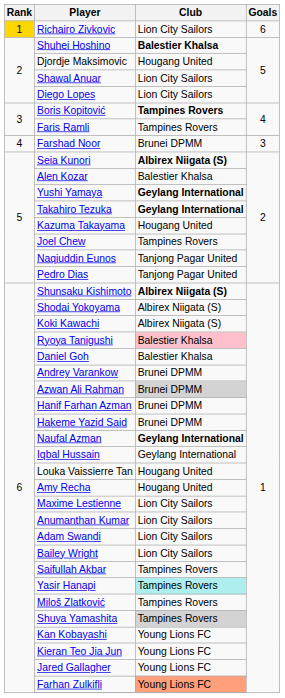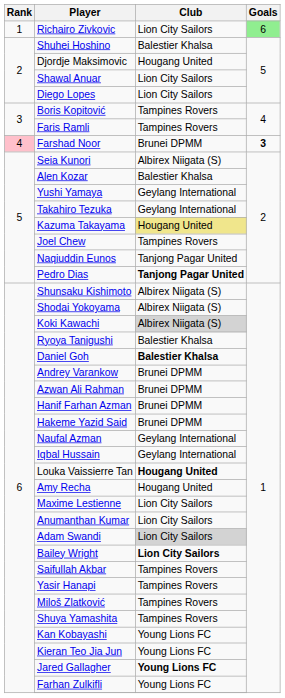 <table class="wikitable plainrowheaders sortable" style="font-size:90%">
 <tr>
 <th>Rank</th>
 <th>Player</th>
 <th>Club</th>
 <th>Goals</th>
 </tr>
 <tr>
-<td align="center" rowspan="1" style="background: gold;">1</td>
+<td align="center" rowspan="1">1</td>
 <td> <a href='#'>Richairo Zivkovic</a></td>
 <td>Lion City Sailors</td>
-<td align="center" rowspan="1">6</td>
+<td align="center" rowspan="1" style="background: lightgreen;">6</td>
 </tr>
 <tr>
 <td align="center" rowspan="4">2</td>
 <td> <a href='#'>Shuhei Hoshino</a></td>
-<td><strong>Balestier Khalsa</strong></td>
+<td>Balestier Khalsa</td>
 <td align="center" rowspan="4">5</td>
 </tr>
 <tr>
 <td> Djordje Maksimovic</td>
 <td>Hougang United</td>
 </tr>
 <tr>
 <td> <a href='#'>Shawal Anuar</a></td>
 <td>Lion City Sailors</td>
 </tr>
 <tr>
 <td> <a href='#'>Diego Lopes</a></td>
 <td>Lion City Sailors</td>
 </tr>
 <tr>
 <td align="center" rowspan="2">3</td>
 <td> <a href='#'>Boris Kopitović</a></td>
-<td><strong>Tampines Rovers</strong></td>
+<td>Tampines Rovers</td>
 <td align="center" rowspan="2">4</td>
 </tr>
 <tr>
 <td> <a href='#'>Faris Ramli</a></td>
 <td>Tampines Rovers</td>
 </tr>
 <tr>
-<td align="center" rowspan="1">4</td>
+<td align="center" rowspan="1" style="background: pink;">4</td>
 <td> <a href='#'>Farshad Noor</a></td>
 <td>Brunei DPMM</td>
-<td align="center" rowspan="1">3</td>
+<td align="center" rowspan="1"><strong>3</strong></td>
 </tr>
 <tr>
 <td align="center" rowspan="8">5</td>
 <td> <a href='#'>Seia Kunori</a></td>
-<td><strong>Albirex Niigata (S)</strong></td>
+<td>Albirex Niigata (S)</td>
 <td align="center" rowspan="8">2</td>
 </tr>
 <tr>
 <td> <a href='#'>Alen Kozar</a></td>
 <td>Balestier Khalsa</td>
 </tr>
 <tr>
 <td> <a href='#'>Yushi Yamaya</a></td>
-<td><strong>Geylang International</strong></td>
+<td>Geylang International</td>
 </tr>
 <tr>
 <td> <a href='#'>Takahiro Tezuka</a></td>
-<td><strong>Geylang International</strong></td>
+<td>Geylang International</td>
 </tr>
 <tr>
 <td> <a href='#'>Kazuma Takayama</a></td>
-<td>Hougang United</td>
+<td style="background: khaki;">Hougang United</td>
 </tr>
 <tr>
 <td> <a href='#'>Joel Chew</a></td>
 <td>Tampines Rovers</td>
 </tr>
 <tr>
 <td> <a href='#'>Naqiuddin Eunos</a></td>
 <td>Tanjong Pagar United</td>
 </tr>
 <tr>
 <td> <a href='#'>Pedro Dias</a></td>
-<td>Tanjong Pagar United</td>
+<td><strong>Tanjong Pagar United</strong></td>
 </tr>
 <tr>
 <td align="center" rowspan="35">6</td>
 <td> <a href='#'>Shunsaku Kishimoto</a></td>
-<td><strong>Albirex Niigata (S)</strong></td>
+<td>Albirex Niigata (S)</td>
 <td align="center" rowspan="35">1</td>
 </tr>
 <tr>
 <td> <a href='#'>Shodai Yokoyama</a></td>
 <td>Albirex Niigata (S)</td>
 </tr>
 <tr>
 <td> <a href='#'>Koki Kawachi</a></td>
-<td>Albirex Niigata (S)</td>
+<td style="background: lightgrey;">Albirex Niigata (S)</td>
 </tr>
 <tr>
 <td> <a href='#'>Ryoya Tanigushi</a></td>
-<td style="background: pink;">Balestier Khalsa</td>
+<td>Balestier Khalsa</td>
 </tr>
 <tr>
 <td> <a href='#'>Daniel Goh</a></td>
-<td>Balestier Khalsa</td>
+<td><strong>Balestier Khalsa</strong></td>
 </tr>
 <tr>
 <td> <a href='#'>Andrey Varankow</a></td>
 <td>Brunei DPMM</td>
 </tr>
 <tr>
 <td>  <a href='#'>Azwan Ali Rahman</a></td>
-<td style="background: lightgrey;">Brunei DPMM</td>
+<td>Brunei DPMM</td>
 </tr>
 <tr>
 <td>  <a href='#'>Hanif Farhan Azman</a></td>
 <td>Brunei DPMM</td>
 </tr>
 <tr>
 <td>  <a href='#'>Hakeme Yazid Said</a></td>
 <td>Brunei DPMM</td>
 </tr>
 <tr>
 <td> <a href='#'>Naufal Azman</a></td>
-<td><strong>Geylang International</strong></td>
+<td>Geylang International</td>
 </tr>
 <tr>
 <td> <a href='#'>Iqbal Hussain</a></td>
 <td>Geylang International</td>
 </tr>
 <tr>
 <td> Louka Vaissierre Tan</td>
-<td>Hougang United</td>
+<td><strong>Hougang United</strong></td>
 </tr>
 <tr>
 <td> <a href='#'>Amy Recha</a></td>
 <td>Hougang United</td>
 </tr>
 <tr>
 <td> <a href='#'>Maxime Lestienne</a></td>
 <td>Lion City Sailors</td>
 </tr>
 <tr>
 <td> <a href='#'>Anumanthan Kumar</a></td>
 <td>Lion City Sailors</td>
 </tr>
 <tr>
 <td> <a href='#'>Adam Swandi</a></td>
-<td>Lion City Sailors</td>
+<td style="background: lightgrey;">Lion City Sailors</td>
 </tr>
 <tr>
 <td> <a href='#'>Bailey Wright</a></td>
-<td>Lion City Sailors</td>
+<td><strong>Lion City Sailors</strong></td>
 </tr>
 <tr>
 <td> <a href='#'>Saifullah Akbar</a></td>
 <td>Tampines Rovers</td>
 </tr>
 <tr>
 <td> <a href='#'>Yasir Hanapi</a></td>
-<td style="background: paleturquoise;">Tampines Rovers</td>
+<td>Tampines Rovers</td>
 </tr>
 <tr>
 <td> <a href='#'>Miloš Zlatković</a></td>
 <td>Tampines Rovers</td>
 </tr>
 <tr>
 <td> <a href='#'>Shuya Yamashita</a></td>
-<td style="background: lightgrey;">Tampines Rovers</td>
+<td>Tampines Rovers</td>
 </tr>
 <tr>
 <td> <a href='#'>Kan Kobayashi</a></td>
 <td>Young Lions FC</td>
 </tr>
 <tr>
 <td> <a href='#'>Kieran Teo Jia Jun</a></td>
 <td>Young Lions FC</td>
 </tr>
 <tr>
 <td> <a href='#'>Jared Gallagher</a></td>
-<td>Young Lions FC</td>
+<td><strong>Young Lions FC</strong></td>
 </tr>
 <tr>
 <td> <a href='#'>Farhan Zulkifli</a></td>
-<td style="background: lightsalmon;">Young Lions FC</td>
+<td>Young Lions FC</td>
 </tr>
 <tr>
 </tr>
 </table>
